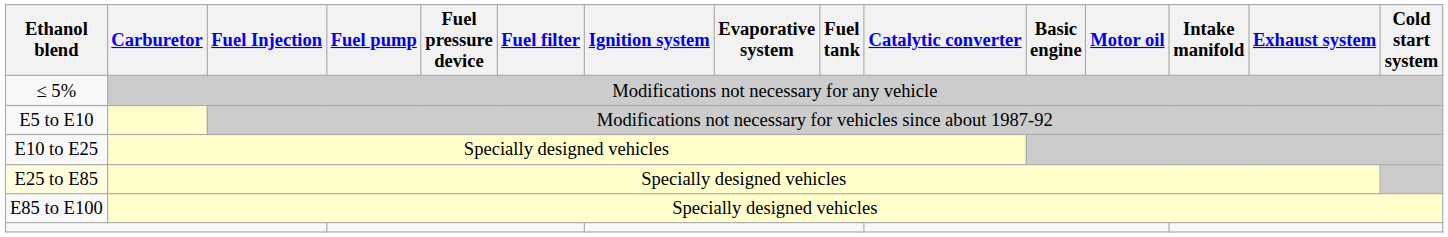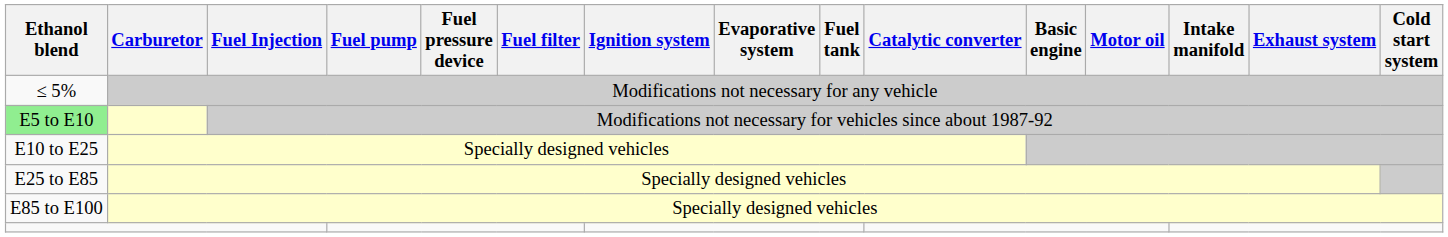 <table class="wikitable sticky-table-col1" style="margin: 1em auto 1em auto">
 <tr>
 <th>Ethanol<br>blend</th>
 <th><a href='#'>Carburetor</a></th>
 <th><a href='#'>Fuel Injection</a></th>
 <th><a href='#'>Fuel pump</a></th>
 <th>Fuel<br>pressure<br>device</th>
 <th><a href='#'>Fuel filter</a></th>
 <th><a href='#'>Ignition system</a></th>
 <th>Evaporative<br> system</th>
 <th>Fuel<br>tank</th>
 <th><a href='#'>Catalytic converter</a></th>
 <th>Basic<br>engine</th>
 <th><a href='#'>Motor oil</a></th>
 <th>Intake<br>manifold</th>
 <th><a href='#'>Exhaust system</a></th>
 <th>Cold<br>start<br>system</th>
 </tr>
 <tr style="text-align:center;">
 <td>≤ 5%</td>
 <td colspan="14" style="background:#ccc;">Modifications not necessary for any vehicle</td>
 </tr>
 <tr style="text-align:center;">
-<td>E5 to E10</td>
+<td style="background: lightgreen;">E5 to E10</td>
 <td style="background:#ffc;"></td>
 <td colspan="13" style="background:#ccc;">Modifications not necessary for vehicles since about 1987-92</td>
 </tr>
 <tr style="text-align:center;">
 <td>E10 to E25</td>
 <td colspan="9" style="background:#ffc;">Specially designed vehicles</td>
 <td colspan="5" style="background:#ccc;"></td>
 </tr>
 <tr style="text-align:center;">
-<td style="background: lightyellow;">E25 to E85</td>
+<td>E25 to E85</td>
 <td colspan="13" style="background:#ffc;">Specially designed vehicles</td>
 <td style="background:#ccc;"></td>
 </tr>
 <tr style="text-align:center;">
 <td>E85 to E100</td>
 <td colspan="14" style="background:#ffc;">Specially designed vehicles</td>
 </tr>
 <tr>
 <td colspan="3"></td>
 <td colspan="3"></td>
 <td colspan="3"></td>
 <td colspan="3"></td>
 <td colspan="3"></td>
 </tr>
 </table>
